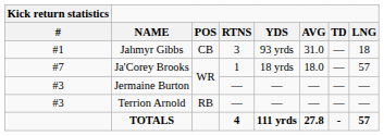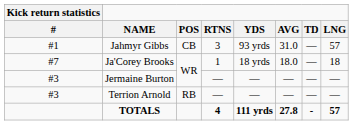 <table style="width:60%; text-align:center;" class="wikitable collapsible collapsed">
 <tr>
 <th style="text-align:center; ">Kick return statistics</th>
 </tr>
 <tr>
 <th>#</th>
 <th>NAME</th>
 <th>POS</th>
 <th>RTNS</th>
 <th>YDS</th>
 <th>AVG</th>
 <th>TD</th>
 <th>LNG</th>
 </tr>
 <tr>
 <td>#1</td>
 <td>Jahmyr Gibbs</td>
 <td>CB</td>
 <td>3</td>
 <td>93 yrds</td>
 <td>31.0</td>
 <td>—</td>
-<td>18</td>
+<td>57</td>
 </tr>
 <tr>
 <td>#7</td>
 <td>Ja'Corey Brooks</td>
 <td rowspan=2>WR</td>
 <td>1</td>
 <td>18 yrds</td>
 <td>18.0</td>
 <td>—</td>
-<td>57</td>
+<td>18</td>
 </tr>
 <tr>
 <td>#3</td>
 <td>Jermaine Burton</td>
 <td>—</td>
 <td>—</td>
 <td>—</td>
 <td>—</td>
 <td>—</td>
 </tr>
 <tr>
 <td>#3</td>
 <td>Terrion Arnold</td>
 <td>RB</td>
 <td>—</td>
 <td>—</td>
 <td>—</td>
 <td>—</td>
 <td>—</td>
 </tr>
 <tr>
 <td></td>
 <td><strong>TOTALS</strong></td>
 <td></td>
 <td><strong>4</strong></td>
 <td><strong>111 yrds</strong></td>
 <td><strong>27.8</strong></td>
 <td><strong>-</strong></td>
 <td><strong>57</strong></td>
 </tr>
 </table>
